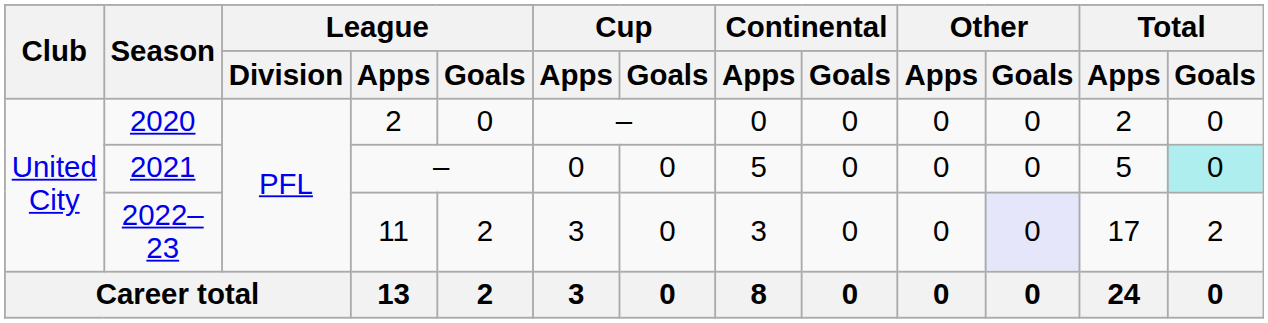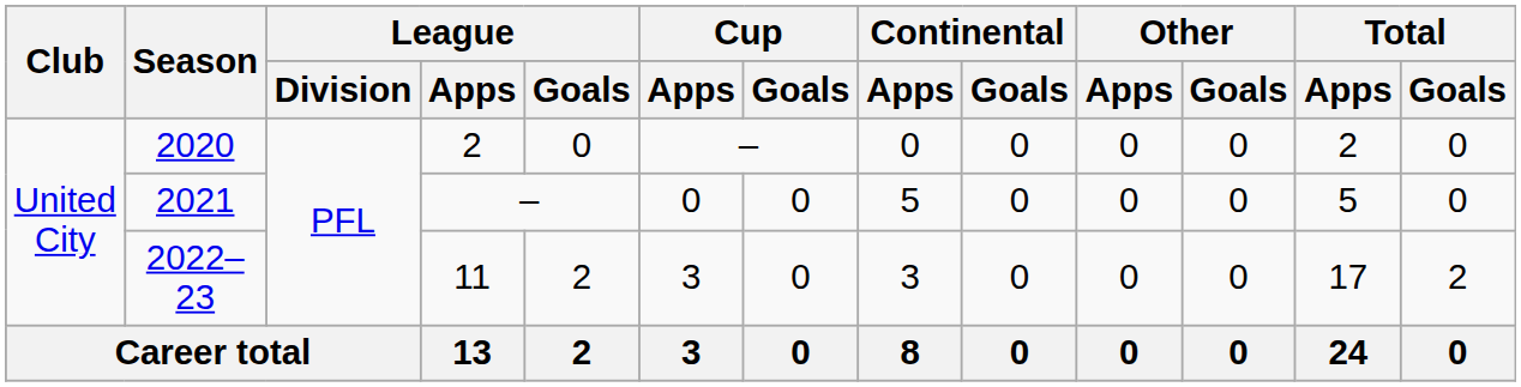 <table class="wikitable" style="text-align: center">
 <tr>
 <th rowspan="2">Club</th>
 <th rowspan="2">Season</th>
 <th colspan="3">League</th>
 <th colspan="2">Cup</th>
 <th colspan="2">Continental</th>
 <th colspan="2">Other</th>
 <th colspan="2">Total</th>
 </tr>
 <tr>
 <th>Division</th>
 <th>Apps</th>
 <th>Goals</th>
 <th>Apps</th>
 <th>Goals</th>
 <th>Apps</th>
 <th>Goals</th>
 <th>Apps</th>
 <th>Goals</th>
 <th>Apps</th>
 <th>Goals</th>
 </tr>
 <tr>
 <td rowspan="3"><a href='#'>United City</a></td>
 <td><a href='#'>2020</a></td>
 <td rowspan="3"><a href='#'>PFL</a></td>
 <td>2</td>
 <td>0</td>
 <td colspan="2">–</td>
 <td>0</td>
 <td>0</td>
 <td>0</td>
 <td>0</td>
 <td>2</td>
 <td>0</td>
 </tr>
 <tr>
 <td><a href='#'>2021</a></td>
 <td colspan="2">–</td>
 <td>0</td>
 <td>0</td>
 <td>5</td>
 <td>0</td>
 <td>0</td>
 <td>0</td>
 <td>5</td>
-<td style="background: paleturquoise;">0</td>
+<td>0</td>
 </tr>
 <tr>
 <td><a href='#'>2022–23</a></td>
 <td>11</td>
 <td>2</td>
 <td>3</td>
 <td>0</td>
 <td>3</td>
 <td>0</td>
 <td>0</td>
-<td style="background: lavender;">0</td>
+<td>0</td>
 <td>17</td>
 <td>2</td>
 </tr>
 <tr>
 <th colspan="3">Career total</th>
 <th>13</th>
 <th>2</th>
 <th>3</th>
 <th>0</th>
 <th>8</th>
 <th>0</th>
 <th>0</th>
 <th>0</th>
 <th>24</th>
 <th>0</th>
 </tr>
 </table>
